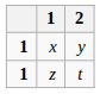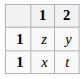 <table class="wikitable" style="margin:1em auto;">
 <tr>
 <th></th>
 <th> 1 </th>
 <th> 2 </th>
 </tr>
 <tr>
 <td>  <strong>1</strong> </td>
-<td>  <em>x</em> </td>
+<td>  <em>z</em> </td>
 <td>  <em>y</em> </td>
 </tr>
 <tr>
 <td>  <strong>1</strong> </td>
-<td>  <em>z</em> </td>
+<td>  <em>x</em> </td>
 <td>  <em>t</em> </td>
 </tr>
 </table>
